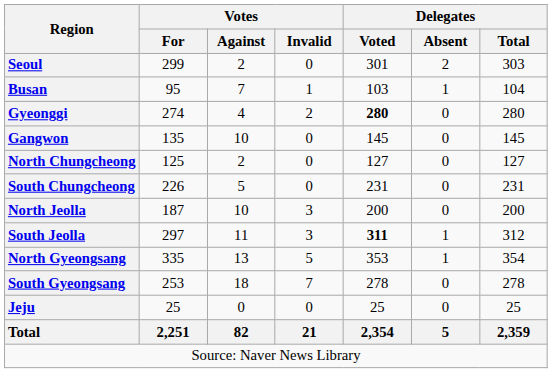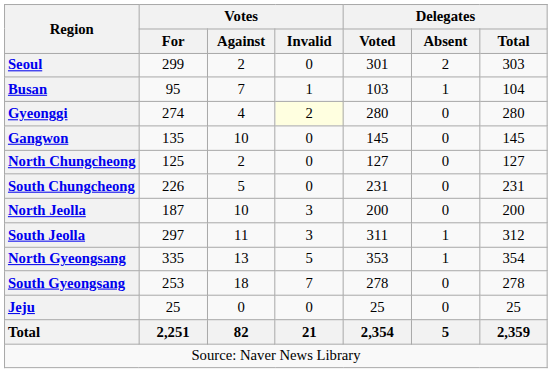 <table class="wikitable" style="text-align:center; font-size: 0.9em">
 <tr>
 <th rowspan="2">Region</th>
 <th colspan="3">Votes</th>
 <th colspan="3">Delegates</th>
 </tr>
 <tr>
 <th style="width:60px">For</th>
 <th style="width:60px">Against</th>
 <th style="width:60px">Invalid</th>
 <th style="width:60px">Voted</th>
 <th style="width:60px">Absent</th>
 <th style="width:60px">Total</th>
 </tr>
 <tr>
 <th style="text-align: left"><a href='#'>Seoul</a></th>
 <td>299</td>
 <td>2</td>
 <td>0</td>
 <td>301</td>
 <td>2</td>
 <td>303</td>
 </tr>
 <tr>
 <th style="text-align: left"><a href='#'>Busan</a></th>
 <td>95</td>
 <td>7</td>
 <td>1</td>
 <td>103</td>
 <td>1</td>
 <td>104</td>
 </tr>
 <tr>
 <th style="text-align: left"><a href='#'>Gyeonggi</a></th>
 <td>274</td>
 <td>4</td>
-<td>2</td>
-<td><strong>280</strong></td>
+<td style="background: lightyellow;">2</td>
+<td>280</td>
 <td>0</td>
 <td>280</td>
 </tr>
 <tr>
 <th style="text-align: left"><a href='#'>Gangwon</a></th>
 <td>135</td>
 <td>10</td>
 <td>0</td>
 <td>145</td>
 <td>0</td>
 <td>145</td>
 </tr>
 <tr>
 <th style="text-align: left"><a href='#'>North Chungcheong</a></th>
 <td>125</td>
 <td>2</td>
 <td>0</td>
 <td>127</td>
 <td>0</td>
 <td>127</td>
 </tr>
 <tr>
 <th style="text-align: left"><a href='#'>South Chungcheong</a></th>
 <td>226</td>
 <td>5</td>
 <td>0</td>
 <td>231</td>
 <td>0</td>
 <td>231</td>
 </tr>
 <tr>
 <th style="text-align: left"><a href='#'>North Jeolla</a></th>
 <td>187</td>
 <td>10</td>
 <td>3</td>
 <td>200</td>
 <td>0</td>
 <td>200</td>
 </tr>
 <tr>
 <th style="text-align: left"><a href='#'>South Jeolla</a></th>
 <td>297</td>
 <td>11</td>
 <td>3</td>
-<td><strong>311</strong></td>
+<td>311</td>
 <td>1</td>
 <td>312</td>
 </tr>
 <tr>
 <th style="text-align: left"><a href='#'>North Gyeongsang</a></th>
 <td>335</td>
 <td>13</td>
 <td>5</td>
 <td>353</td>
 <td>1</td>
 <td>354</td>
 </tr>
 <tr>
 <th style="text-align: left"><a href='#'>South Gyeongsang</a></th>
 <td>253</td>
 <td>18</td>
 <td>7</td>
 <td>278</td>
 <td>0</td>
 <td>278</td>
 </tr>
 <tr>
 <th style="text-align: left"><a href='#'>Jeju</a></th>
 <td>25</td>
 <td>0</td>
 <td>0</td>
 <td>25</td>
 <td>0</td>
 <td>25</td>
 </tr>
 <tr class="sortbottom">
 <th style="text-align: left">Total</th>
 <th>2,251</th>
 <th>82</th>
 <th>21</th>
 <th>2,354</th>
 <th>5</th>
 <th>2,359</th>
 </tr>
 <tr>
 <td colspan="7">Source: Naver News Library</td>
 </tr>
 </table>
